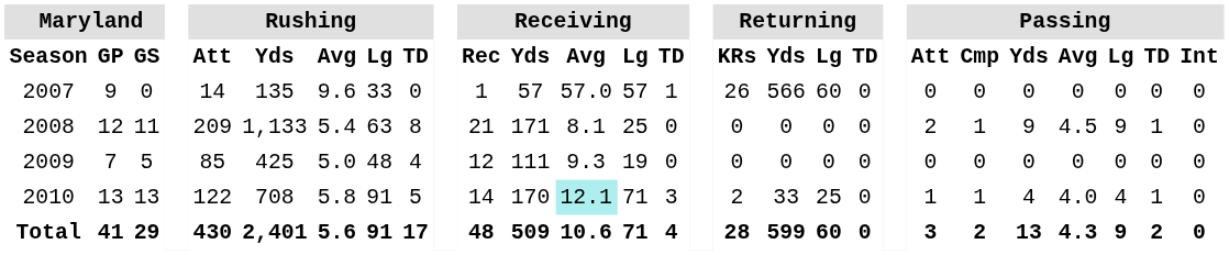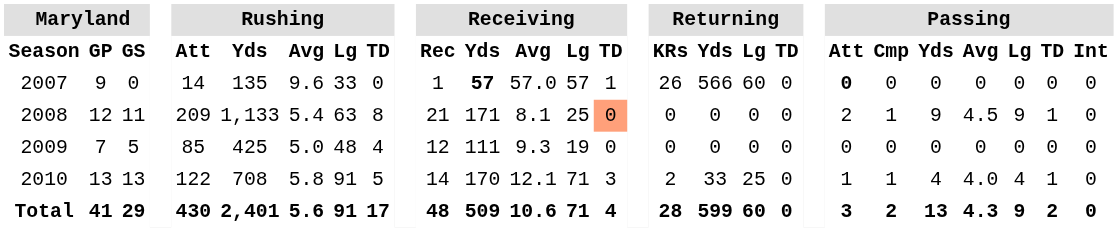 <table BORDER="0" CELLPADDING="3" CELLSPACING="0" ID="Table3" border="2">
 <tr ALIGN="center" bgcolor="#e0e0e0">
 <th ALIGN="center" colspan="3"> Maryland</th>
 <th ALIGN="center" rowspan="99" bgcolor="#ffffff"> </th>
 <th ALIGN="center" colspan="5">Rushing</th>
 <th ALIGN="center" rowspan="99" bgcolor="#ffffff"> </th>
 <th ALIGN="center" colspan="5">Receiving</th>
 <th ALIGN="center" rowspan="99" bgcolor="#ffffff"> </th>
 <th ALIGN="center" colspan="4">Returning</th>
 <th ALIGN="center" rowspan="99" bgcolor="#ffffff"> </th>
 <th ALIGN="center" colspan="7">Passing</th>
 </tr>
 <tr ALIGN="center">
 <th ALIGN="center">Season</th>
 <th ALIGN="center">GP</th>
 <th ALIGN="center">GS</th>
 <th ALIGN="center">Att</th>
 <th ALIGN="center">Yds</th>
 <th ALIGN="center">Avg</th>
 <th ALIGN="center">Lg</th>
 <th ALIGN="center">TD</th>
 <th ALIGN="center">Rec</th>
 <th ALIGN="center">Yds</th>
 <th ALIGN="center">Avg</th>
 <th ALIGN="center">Lg</th>
 <th ALIGN="center">TD</th>
 <th ALIGN="center">KRs</th>
 <th ALIGN="center">Yds</th>
 <th ALIGN="center">Lg</th>
 <th ALIGN="center">TD</th>
 <th ALIGN="center">Att</th>
 <th ALIGN="center">Cmp</th>
 <th ALIGN="center">Yds</th>
 <th ALIGN="center">Avg</th>
 <th ALIGN="center">Lg</th>
 <th ALIGN="center">TD</th>
 <th ALIGN="center">Int</th>
 </tr>
 <tr ALIGN="center">
 <td ALIGN="center">2007</td>
 <td ALIGN="center">9</td>
 <td ALIGN="center">0</td>
 <td ALIGN="center">14</td>
 <td ALIGN="center">135</td>
 <td ALIGN="center">9.6</td>
 <td ALIGN="center">33</td>
 <td ALIGN="center">0</td>
 <td ALIGN="center">1</td>
-<td ALIGN="center">57</td>
+<td ALIGN="center"><strong>57</strong></td>
 <td ALIGN="center">57.0</td>
 <td ALIGN="center">57</td>
 <td ALIGN="center">1</td>
 <td ALIGN="center">26</td>
 <td ALIGN="center">566</td>
 <td ALIGN="center">60</td>
 <td ALIGN="center">0</td>
-<td ALIGN="center"> 0</td>
+<td ALIGN="center"><strong> 0</strong></td>
 <td ALIGN="center"> 0</td>
 <td ALIGN="center"> 0</td>
 <td ALIGN="center"> 0</td>
 <td ALIGN="center"> 0</td>
 <td ALIGN="center"> 0</td>
 <td ALIGN="center"> 0</td>
 </tr>
 <tr ALIGN="center">
 <td ALIGN="center">2008</td>
 <td ALIGN="center">12</td>
 <td ALIGN="center">11</td>
 <td ALIGN="center">209</td>
 <td ALIGN="center">1,133</td>
 <td ALIGN="center">5.4</td>
 <td ALIGN="center">63</td>
 <td ALIGN="center">8</td>
 <td ALIGN="center">21</td>
 <td ALIGN="center">171</td>
 <td ALIGN="center">8.1</td>
 <td ALIGN="center">25</td>
-<td ALIGN="center">0</td>
+<td ALIGN="center" style="background: lightsalmon;">0</td>
 <td ALIGN="center">0</td>
 <td ALIGN="center">0</td>
 <td ALIGN="center">0</td>
 <td ALIGN="center">0</td>
 <td ALIGN="center"> 2</td>
 <td ALIGN="center"> 1</td>
 <td ALIGN="center"> 9</td>
 <td ALIGN="center"> 4.5</td>
 <td ALIGN="center"> 9</td>
 <td ALIGN="center"> 1</td>
 <td ALIGN="center"> 0</td>
 </tr>
 <tr ALIGN="center">
 <td ALIGN="center"> 2009</td>
 <td ALIGN="center"> 7</td>
 <td ALIGN="center"> 5</td>
 <td ALIGN="center"> 85</td>
 <td ALIGN="center"> 425</td>
 <td ALIGN="center"> 5.0</td>
 <td ALIGN="center"> 48</td>
 <td ALIGN="center"> 4</td>
 <td ALIGN="center"> 12</td>
 <td ALIGN="center"> 111</td>
 <td ALIGN="center"> 9.3</td>
 <td ALIGN="center"> 19</td>
 <td ALIGN="center"> 0</td>
 <td ALIGN="center"> 0</td>
 <td ALIGN="center"> 0</td>
 <td ALIGN="center"> 0</td>
 <td ALIGN="center"> 0</td>
 <td ALIGN="center"> 0</td>
 <td ALIGN="center"> 0</td>
 <td ALIGN="center"> 0</td>
 <td ALIGN="center"> 0</td>
 <td ALIGN="center"> 0</td>
 <td ALIGN="center"> 0</td>
 <td ALIGN="center"> 0</td>
 </tr>
 <tr ALIGN="center">
 <td ALIGN="center"> 2010</td>
 <td ALIGN="center"> 13</td>
 <td ALIGN="center"> 13</td>
 <td ALIGN="center"> 122</td>
 <td ALIGN="center"> 708</td>
 <td ALIGN="center"> 5.8</td>
 <td ALIGN="center"> 91</td>
 <td ALIGN="center"> 5</td>
 <td ALIGN="center"> 14</td>
 <td ALIGN="center"> 170</td>
-<td ALIGN="center" style="background: paleturquoise;"> 12.1</td>
+<td ALIGN="center"> 12.1</td>
 <td ALIGN="center"> 71</td>
 <td ALIGN="center"> 3</td>
 <td ALIGN="center"> 2</td>
 <td ALIGN="center"> 33</td>
 <td ALIGN="center"> 25</td>
 <td ALIGN="center"> 0</td>
 <td ALIGN="center"> 1</td>
 <td ALIGN="center"> 1</td>
 <td ALIGN="center"> 4</td>
 <td ALIGN="center"> 4.0</td>
 <td ALIGN="center"> 4</td>
 <td ALIGN="center"> 1</td>
 <td ALIGN="center"> 0</td>
 </tr>
 <tr ALIGN="center" bgcolor="#f0f0f0">
 </tr>
 <tr ALIGN="center">
 <th ALIGN="center"> Total</th>
 <th ALIGN="center"> 41</th>
 <th ALIGN="center"> 29</th>
 <th ALIGN="center"> 430</th>
 <th ALIGN="center"> 2,401</th>
 <th ALIGN="center"> 5.6</th>
 <th ALIGN="center"> 91</th>
 <th ALIGN="center"> 17</th>
 <th ALIGN="center"> 48</th>
 <th ALIGN="center"> 509</th>
 <th ALIGN="center"> 10.6</th>
 <th ALIGN="center"> 71</th>
 <th ALIGN="center"> 4</th>
 <th ALIGN="center"> 28</th>
 <th ALIGN="center"> 599</th>
 <th ALIGN="center"> 60</th>
 <th ALIGN="center"> 0</th>
 <th ALIGN="center"> 3</th>
 <th ALIGN="center"> 2</th>
 <th ALIGN="center"> 13</th>
 <th ALIGN="center"> 4.3</th>
 <th ALIGN="center"> 9</th>
 <th ALIGN="center"> 2</th>
 <th ALIGN="center"> 0</th>
 </tr>
 </table>
